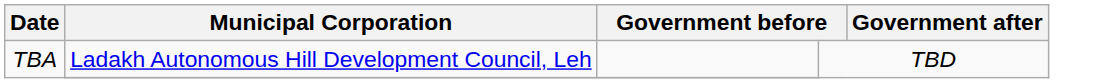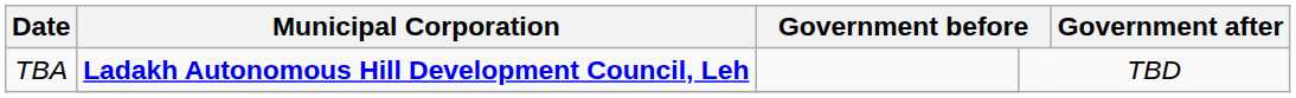 <table class="wikitable sortable"style="text-align:center;">
 <tr>
 <th>Date</th>
 <th>Municipal Corporation</th>
 <th colspan=2>Government before</th>
 <th colspan=2>Government after</th>
 </tr>
 <tr>
 <td rowspan="2"><em>TBA</em></td>
-<td><a href='#'>Ladakh Autonomous Hill Development Council, Leh</a></td>
+<td><strong><a href='#'>Ladakh Autonomous Hill Development Council, Leh</a></strong></td>
 <td></td>
 <td colspan="2" rowspan="2"><em>TBD</em></td>
 </tr>
 <tr>
 </tr>
 </table>
